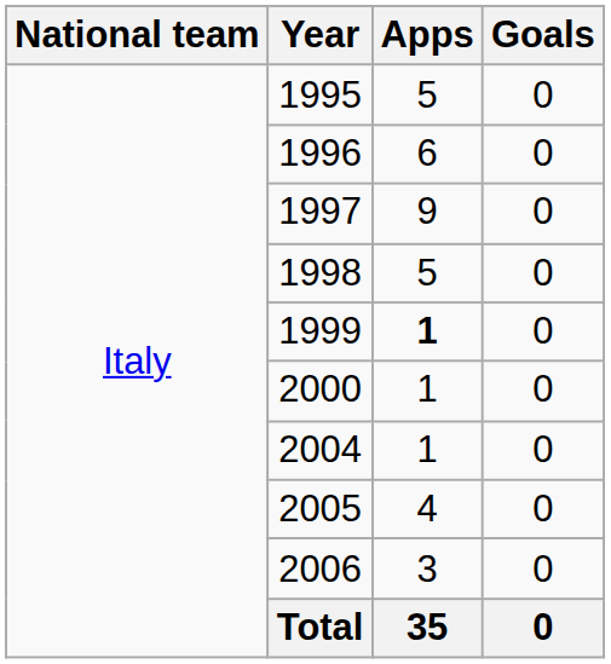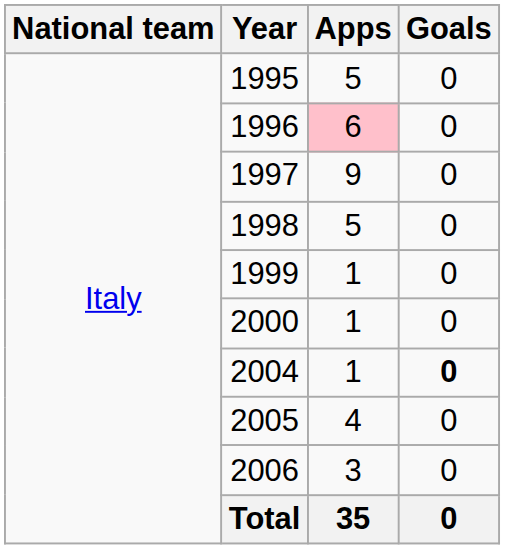 <table class="wikitable" style="text-align:center">
 <tr>
 <th>National team</th>
 <th>Year</th>
 <th>Apps</th>
 <th>Goals</th>
 </tr>
 <tr>
 <td rowspan="10"><a href='#'>Italy</a></td>
 <td>1995</td>
 <td>5</td>
 <td>0</td>
 </tr>
 <tr>
 <td>1996</td>
-<td>6</td>
+<td style="background: pink;">6</td>
 <td>0</td>
 </tr>
 <tr>
 <td>1997</td>
 <td>9</td>
 <td>0</td>
 </tr>
 <tr>
 <td>1998</td>
 <td>5</td>
 <td>0</td>
 </tr>
 <tr>
 <td>1999</td>
-<td><strong>1</strong></td>
+<td>1</td>
 <td>0</td>
 </tr>
 <tr>
 <td>2000</td>
 <td>1</td>
 <td>0</td>
 </tr>
 <tr>
 <td>2004</td>
 <td>1</td>
-<td>0</td>
+<td><strong>0</strong></td>
 </tr>
 <tr>
 <td>2005</td>
 <td>4</td>
 <td>0</td>
 </tr>
 <tr>
 <td>2006</td>
 <td>3</td>
 <td>0</td>
 </tr>
 <tr>
 <th>Total</th>
 <th>35</th>
 <th>0</th>
 </tr>
 </table>
